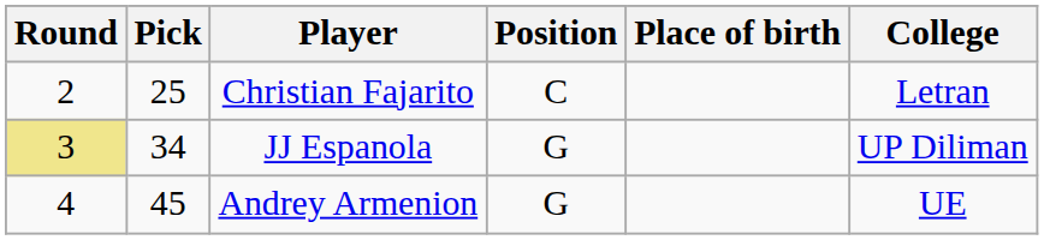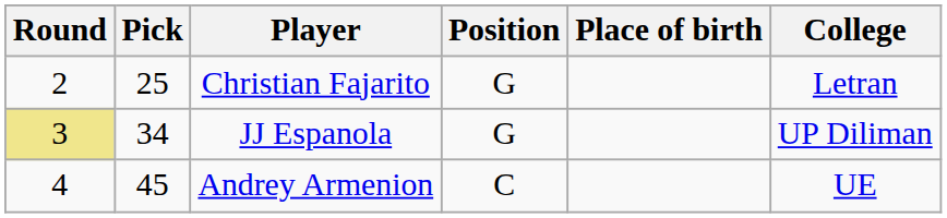 <table class="wikitable sortable sortable" style="text-align:center">
 <tr>
 <th>Round</th>
 <th>Pick</th>
 <th>Player</th>
 <th>Position</th>
 <th>Place of birth</th>
 <th>College</th>
 </tr>
 <tr>
 <td>2</td>
 <td>25</td>
 <td><a href='#'>Christian Fajarito</a></td>
-<td>C</td>
+<td>G</td>
 <td></td>
 <td><a href='#'>Letran</a></td>
 </tr>
 <tr>
 <td style="background: khaki;">3</td>
 <td>34</td>
 <td><a href='#'>JJ Espanola</a></td>
 <td>G</td>
 <td></td>
 <td><a href='#'>UP Diliman</a></td>
 </tr>
 <tr>
 <td>4</td>
 <td>45</td>
 <td><a href='#'>Andrey Armenion</a></td>
-<td>G</td>
+<td>C</td>
 <td></td>
 <td><a href='#'>UE</a></td>
 </tr>
 </table>
